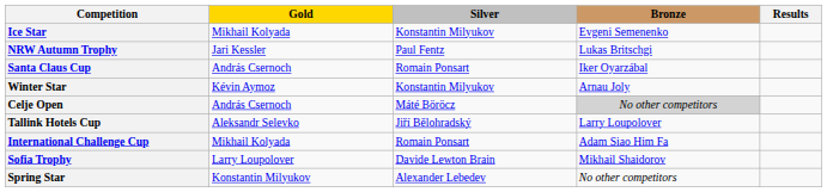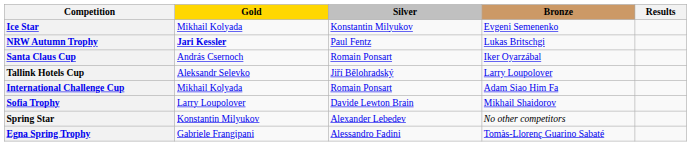 <table class="wikitable unsortable" style="text-align:left; width:90%;">
 <tr>
 <th scope="col" style="text-align:center; width:25%;">Competition</th>
 <td scope="col" style="text-align:center; width:22.5%; background:gold"><strong>Gold</strong></td>
 <td scope="col" style="text-align:center; width:22.5%; background:silver"><strong>Silver</strong></td>
 <td scope="col" style="text-align:center; width:22.5%; background:#c96"><strong>Bronze</strong></td>
 <th scope="col" style="text-align:center; width:7.5%;">Results</th>
 </tr>
 <tr>
 <th scope="row" style="text-align:left"> <a href='#'>Ice Star</a></th>
 <td> <a href='#'>Mikhail Kolyada</a></td>
 <td> <a href='#'>Konstantin Milyukov</a></td>
 <td> <a href='#'>Evgeni Semenenko</a></td>
 <td></td>
 </tr>
 <tr>
 <th scope="row" style="text-align:left"> <a href='#'>NRW Autumn Trophy</a></th>
-<td> <a href='#'>Jari Kessler</a></td>
+<td><strong> <a href='#'>Jari Kessler</a></strong></td>
 <td> <a href='#'>Paul Fentz</a></td>
 <td> <a href='#'>Lukas Britschgi</a></td>
 <td></td>
 </tr>
 <tr>
 <th scope="row" style="text-align:left"> <a href='#'>Santa Claus Cup</a></th>
 <td> <a href='#'>András Csernoch</a></td>
 <td> <a href='#'>Romain Ponsart</a></td>
 <td> <a href='#'>Iker Oyarzábal</a></td>
-<td></td>
-</tr>
-<tr>
-<th scope="row" style="text-align:left"> Winter Star</th>
-<td> <a href='#'>Kévin Aymoz</a></td>
-<td> <a href='#'>Konstantin Milyukov</a></td>
-<td> <a href='#'>Arnau Joly</a></td>
-<td></td>
-</tr>
-<tr>
-<th scope="row" style="text-align:left"> Celje Open</th>
-<td> <a href='#'>András Csernoch</a></td>
-<td> <a href='#'>Máté Böröcz</a></td>
-<td bgcolor="lightgray" align="center"><em>No other competitors</em></td>
 <td></td>
 </tr>
 <tr>
 <th scope="row" style="text-align:left"> Tallink Hotels Cup</th>
 <td> <a href='#'>Aleksandr Selevko</a></td>
 <td> <a href='#'>Jiří Bělohradský</a></td>
 <td> <a href='#'>Larry Loupolover</a></td>
 <td></td>
 </tr>
 <tr>
 <th scope="row" style="text-align:left"> <a href='#'>International Challenge Cup</a></th>
 <td> <a href='#'>Mikhail Kolyada</a></td>
 <td> <a href='#'>Romain Ponsart</a></td>
 <td> <a href='#'>Adam Siao Him Fa</a></td>
 <td></td>
 </tr>
 <tr>
 <th scope="row" style="text-align:left"> <a href='#'>Sofia Trophy</a></th>
 <td> <a href='#'>Larry Loupolover</a></td>
 <td> <a href='#'>Davide Lewton Brain</a></td>
 <td> <a href='#'>Mikhail Shaidorov</a></td>
 <td></td>
 </tr>
 <tr>
 <th scope="row" style="text-align:left"> Spring Star</th>
 <td> <a href='#'>Konstantin Milyukov</a></td>
 <td> <a href='#'>Alexander Lebedev</a></td>
 <td><em>No other competitors</em></td>
 <td></td>
 </tr>
+<tr>
+<th scope="row" style="text-align:left"> <a href='#'>Egna Spring Trophy</a></th>
+<td> <a href='#'>Gabriele Frangipani</a></td>
+<td> <a href='#'>Alessandro Fadini</a></td>
+<td> <a href='#'>Tomàs-Llorenç Guarino Sabaté</a></td>
+<td></td>
+</tr>
 </table>
